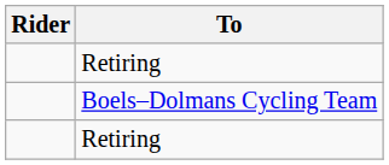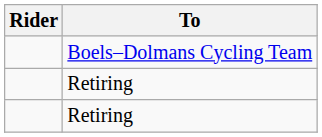 <table class="wikitable sortable">
 <tr>
 <th>Rider</th>
 <th>To</th>
-</tr>
-<tr>
-<td></td>
-<td>Retiring</td>
 </tr>
 <tr>
 <td></td>
 <td><a href='#'>Boels–Dolmans Cycling Team</a></td>
 </tr>
 <tr>
 <td></td>
 <td>Retiring</td>
 </tr>
+<tr>
+<td></td>
+<td>Retiring</td>
+</tr>
 </table>
